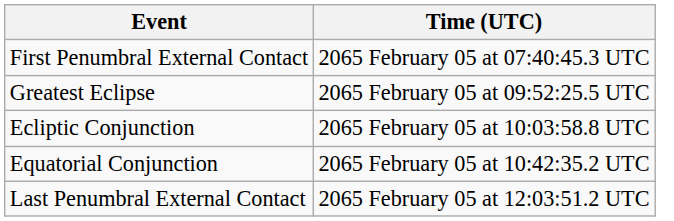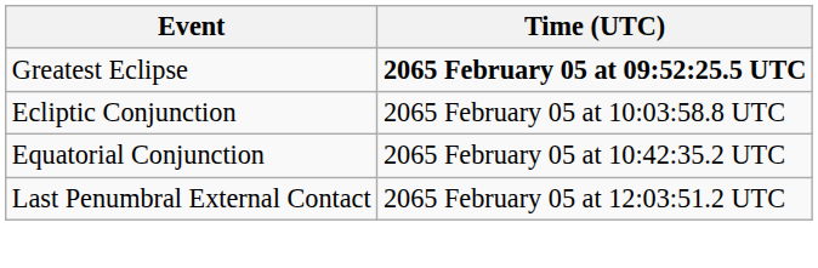 <table class="wikitable">
 <tr>
 <th>Event</th>
 <th>Time (UTC)</th>
 </tr>
 <tr>
-<td>First Penumbral External Contact</td>
-<td>2065 February 05 at 07:40:45.3 UTC</td>
-</tr>
-<tr>
 <td>Greatest Eclipse</td>
-<td>2065 February 05 at 09:52:25.5 UTC</td>
+<td><strong>2065 February 05 at 09:52:25.5 UTC</strong></td>
 </tr>
 <tr>
 <td>Ecliptic Conjunction</td>
 <td>2065 February 05 at 10:03:58.8 UTC</td>
 </tr>
 <tr>
 <td>Equatorial Conjunction</td>
 <td>2065 February 05 at 10:42:35.2 UTC</td>
 </tr>
 <tr>
 <td>Last Penumbral External Contact</td>
 <td>2065 February 05 at 12:03:51.2 UTC</td>
 </tr>
 </table>
